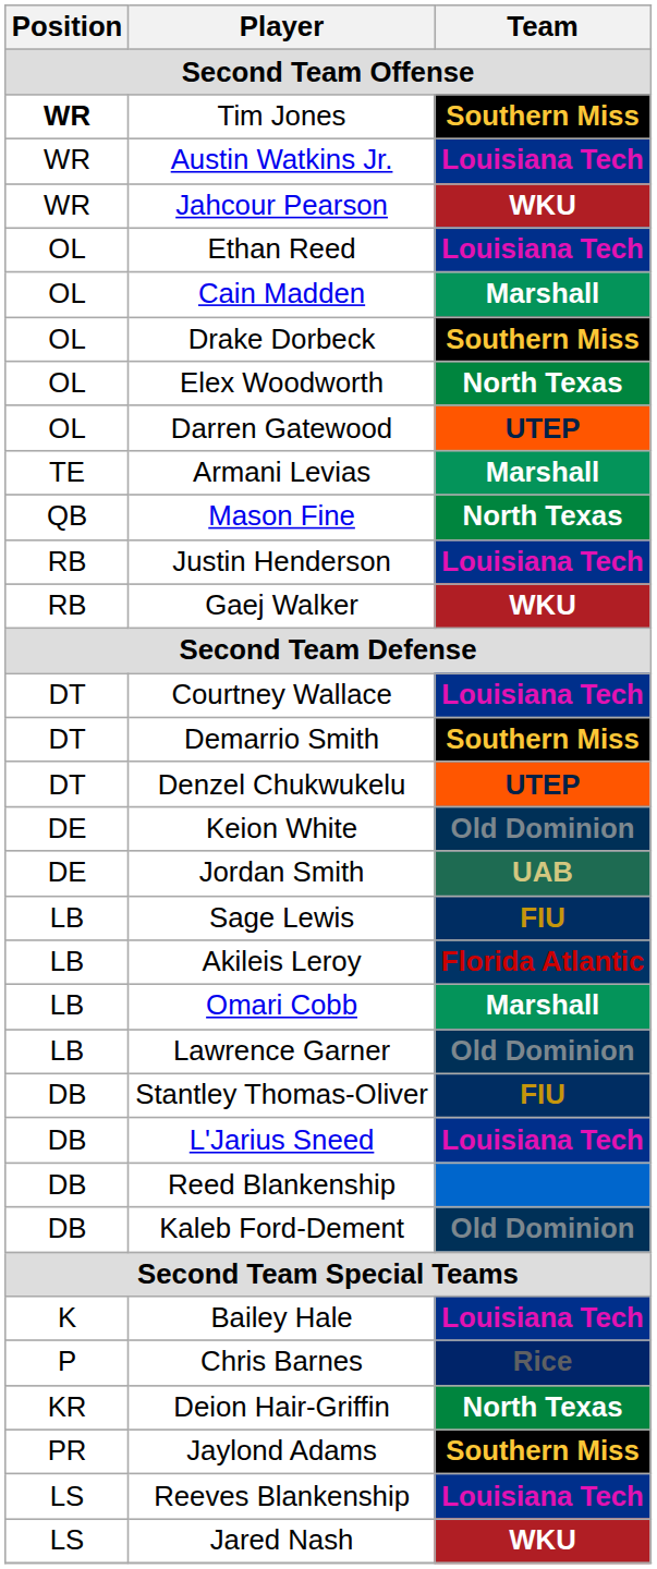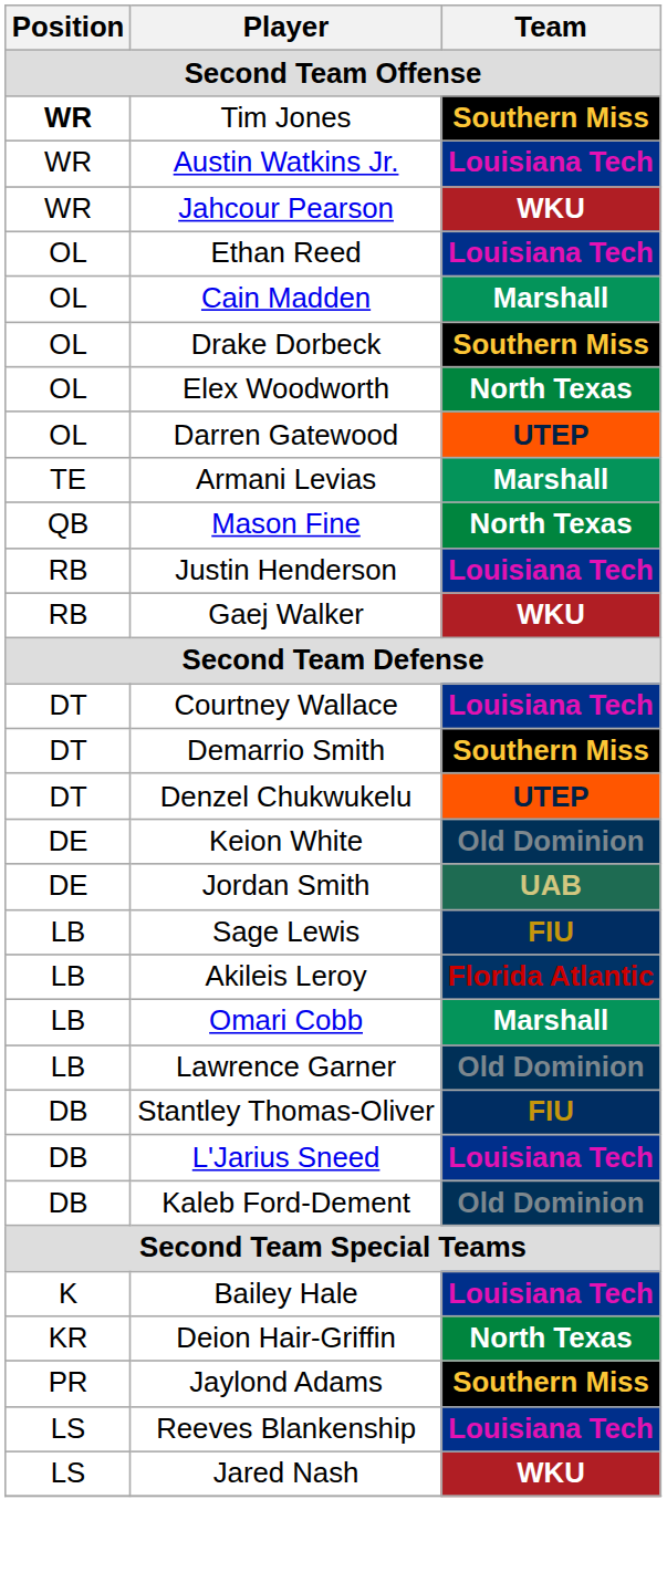 <table class="wikitable" border="0">
 <tr>
 <th>Position</th>
 <th>Player</th>
 <th>Team</th>
 </tr>
 <tr>
 <td colspan="3" style="text-align:center; background:#ddd;"><strong>Second Team Offense </strong></td>
 </tr>
 <tr style="text-align:center;">
 <td style="background:white"><strong>WR</strong></td>
 <td style="background:white">Tim Jones</td>
 <th style="background:#000000; color:#FDC737;">Southern Miss</th>
 </tr>
 <tr style="text-align:center;">
 <td style="background:white">WR</td>
 <td style="background:white"><a href='#'>Austin Watkins Jr.</a></td>
 <th style="background:#002F8B; color:#E312B3;">Louisiana Tech</th>
 </tr>
 <tr style="text-align:center;">
 <td style="background:white">WR</td>
 <td style="background:white"><a href='#'>Jahcour Pearson</a></td>
 <th style="background:#B01E24; color:#FFFFFF">WKU</th>
 </tr>
 <tr style="text-align:center;">
 <td style="background:white">OL</td>
 <td style="background:white">Ethan Reed</td>
 <th style="background:#002F8B; color:#E312B3;">Louisiana Tech</th>
 </tr>
 <tr style="text-align:center;">
 <td style="background:white">OL</td>
 <td style="background:white"><a href='#'>Cain Madden</a></td>
 <th style="background:#04945a; color:#FFFFFF;">Marshall</th>
 </tr>
 <tr style="text-align:center;">
 <td style="background:white">OL</td>
 <td style="background:white">Drake Dorbeck</td>
 <th style="background:#000000; color:#FDC737;">Southern Miss</th>
 </tr>
 <tr style="text-align:center;">
 <td style="background:white">OL</td>
 <td style="background:white">Elex Woodworth</td>
 <th style="background:#00853E; color:#FFFFFF;">North Texas</th>
 </tr>
 <tr style="text-align:center;">
 <td style="background:white">OL</td>
 <td style="background:white">Darren Gatewood</td>
 <th style="background:#ff5600; color:#002147;">UTEP</th>
 </tr>
 <tr style="text-align:center;">
 <td style="background:white">TE</td>
 <td style="background:white">Armani Levias</td>
 <th style="background:#04945a; color:#FFFFFF;">Marshall</th>
 </tr>
 <tr style="text-align:center;">
 <td style="background:white">QB</td>
 <td style="background:white"><a href='#'>Mason Fine</a></td>
 <th style="background:#00853E; color:#FFFFFF;">North Texas</th>
 </tr>
 <tr style="text-align:center;">
 <td style="background:white">RB</td>
 <td style="background:white">Justin Henderson</td>
 <th style="background:#002F8B; color:#E312B3;">Louisiana Tech</th>
 </tr>
 <tr style="text-align:center;">
 <td style="background:white">RB</td>
 <td style="background:white">Gaej Walker</td>
 <th style="background:#B01E24; color:#FFFFFF">WKU</th>
 </tr>
 <tr>
 <td colspan="3" style="text-align:center; background:#ddd;"><strong>Second Team Defense</strong></td>
 </tr>
 <tr style="text-align:center;">
 <td style="background:white">DT</td>
 <td style="background:white">Courtney Wallace</td>
 <th style="background:#002F8B; color:#E312B3;">Louisiana Tech</th>
 </tr>
 <tr style="text-align:center;">
 <td style="background:white">DT</td>
 <td style="background:white">Demarrio Smith</td>
 <th style="background:#000000; color:#FDC737;">Southern Miss</th>
 </tr>
 <tr style="text-align:center;">
 <td style="background:white">DT</td>
 <td style="background:white">Denzel Chukwukelu</td>
 <th style="background:#ff5600; color:#002147;">UTEP</th>
 </tr>
 <tr style="text-align:center;">
 <td style="background:white">DE</td>
 <td style="background:white">Keion White</td>
 <th style="background:#003057; color:#7c878e;">Old Dominion</th>
 </tr>
 <tr style="text-align:center;">
 <td style="background:white">DE</td>
 <td style="background:white">Jordan Smith</td>
 <th style="background:#1E6B52; color:#D2C780;">UAB</th>
 </tr>
 <tr style="text-align:center;">
 <td style="background:white">LB</td>
 <td style="background:white">Sage Lewis</td>
 <th style="background:#002d62; color:#c5960c;">FIU</th>
 </tr>
 <tr style="text-align:center;">
 <td style="background:white">LB</td>
 <td style="background:white">Akileis Leroy</td>
 <th style="background:#003366; color:#CC0000;">Florida Atlantic</th>
 </tr>
 <tr style="text-align:center;">
 <td style="background:white">LB</td>
 <td style="background:white"><a href='#'>Omari Cobb</a></td>
 <th style="background:#04945a; color:#FFFFFF;">Marshall</th>
 </tr>
 <tr style="text-align:center;">
 <td style="background:white">LB</td>
 <td style="background:white">Lawrence Garner</td>
 <th style="background:#003057; color:#7c878e;">Old Dominion</th>
 </tr>
 <tr style="text-align:center;">
 <td style="background:white">DB</td>
 <td style="background:white">Stantley Thomas-Oliver</td>
 <th style="background:#002d62; color:#c5960c;">FIU</th>
 </tr>
 <tr style="text-align:center;">
 <td style="background:white">DB</td>
 <td style="background:white"><a href='#'>L'Jarius Sneed</a></td>
 <th style="background:#002F8B; color:#E312B3;">Louisiana Tech</th>
 </tr>
 <tr style="text-align:center;">
 <td style="background:white">DB</td>
-<td style="background:white">Reed Blankenship</td>
-<th style="background:#0066CC; color:#ffffff;"></th>
-</tr>
-<tr style="text-align:center;">
-<td style="background:white">DB</td>
 <td style="background:white">Kaleb Ford-Dement</td>
 <th style="background:#003057; color:#7c878e;">Old Dominion</th>
 </tr>
 <tr>
 <td colspan="3" style="text-align:center; background:#ddd;"><strong>Second Team Special Teams</strong></td>
 </tr>
 <tr style="text-align:center;">
 <td style="background:white">K</td>
 <td style="background:white">Bailey Hale</td>
 <th style="background:#002F8B; color:#E312B3;">Louisiana Tech</th>
-</tr>
-<tr style="text-align:center;">
-<td style="background:white">P</td>
-<td style="background:white">Chris Barnes</td>
-<th style="background:#002469; color:#5e6062;">Rice</th>
 </tr>
 <tr style="text-align:center;">
 <td style="background:white">KR</td>
 <td style="background:white">Deion Hair-Griffin</td>
 <th style="background:#00853E; color:#FFFFFF;">North Texas</th>
 </tr>
 <tr style="text-align:center;">
 <td style="background:white">PR</td>
 <td style="background:white">Jaylond Adams</td>
 <th style="background:#000000; color:#FDC737;">Southern Miss</th>
 </tr>
 <tr style="text-align:center;">
 <td style="background:white">LS</td>
 <td style="background:white">Reeves Blankenship</td>
 <th style="background:#002F8B; color:#E312B3;">Louisiana Tech</th>
 </tr>
 <tr style="text-align:center;">
 <td style="background:white">LS</td>
 <td style="background:white">Jared Nash</td>
 <th style="background:#B01E24; color:#FFFFFF">WKU</th>
 </tr>
 <tr style="text-align:center;">
 </tr>
 </table>
